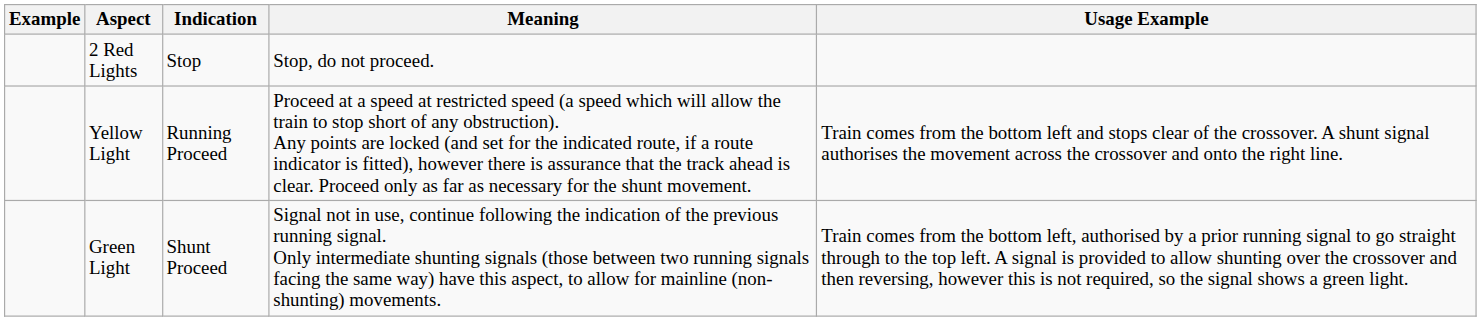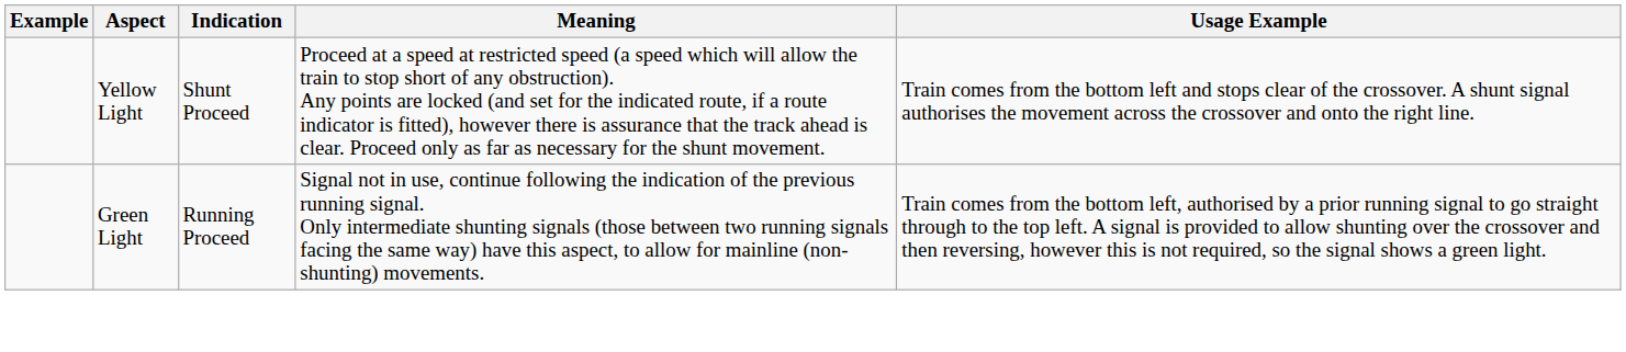 <table class="wikitable">
 <tr>
 <th>Example</th>
 <th>Aspect</th>
 <th>Indication</th>
 <th>Meaning</th>
 <th>Usage Example</th>
 </tr>
 <tr>
 <td></td>
-<td>2 Red Lights</td>
-<td>Stop</td>
-<td>Stop, do not proceed.</td>
-<td></td>
-</tr>
-<tr>
-<td></td>
 <td>Yellow Light</td>
-<td>Running Proceed</td>
+<td>Shunt Proceed</td>
 <td>Proceed at a speed at restricted speed (a speed which will allow the train to stop short of any obstruction).<br>Any points are locked (and set for the indicated route, if a route indicator is fitted), however there is assurance that the track ahead is clear. Proceed only as far as necessary for the shunt movement.</td>
 <td>Train comes from the bottom left and stops clear of the crossover. A shunt signal authorises the movement across the crossover and onto the right line.<br></td>
 </tr>
 <tr>
 <td></td>
 <td>Green Light</td>
-<td>Shunt Proceed</td>
+<td>Running Proceed</td>
 <td>Signal not in use, continue following the indication of the previous running signal.<br>Only intermediate shunting signals (those between two running signals facing the same way) have this aspect, to allow for mainline (non-shunting) movements.</td>
 <td>Train comes from the bottom left, authorised by a prior running signal to go straight through to the top left. A signal is provided to allow shunting over the crossover and then reversing, however this is not required, so the signal shows a green light.<br></td>
 </tr>
 </table>
